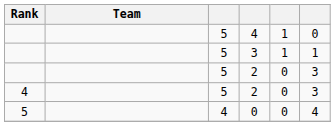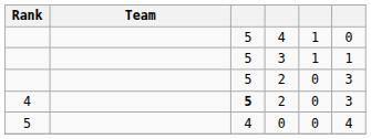 <table class="wikitable" style="text-align:center; font-size:90%;">
 <tr>
 <th width=35>Rank</th>
 <th width=160>Team</th>
 <th width=25></th>
 <th width=25></th>
 <th width=25></th>
 <th width=25></th>
 </tr>
 <tr>
 <td></td>
 <td align="left"></td>
 <td>5</td>
 <td>4</td>
 <td>1</td>
 <td>0</td>
 </tr>
 <tr>
 <td></td>
 <td align="left"></td>
 <td>5</td>
 <td>3</td>
 <td>1</td>
 <td>1</td>
 </tr>
 <tr>
 <td></td>
 <td align="left"></td>
 <td>5</td>
 <td>2</td>
 <td>0</td>
 <td>3</td>
 </tr>
 <tr>
 <td>4</td>
 <td align="left"></td>
-<td>5</td>
+<td><strong>5</strong></td>
 <td>2</td>
 <td>0</td>
 <td>3</td>
 </tr>
 <tr>
 <td>5</td>
 <td align="left"></td>
 <td>4</td>
 <td>0</td>
 <td>0</td>
 <td>4</td>
 </tr>
 <tr>
 </tr>
 </table>
